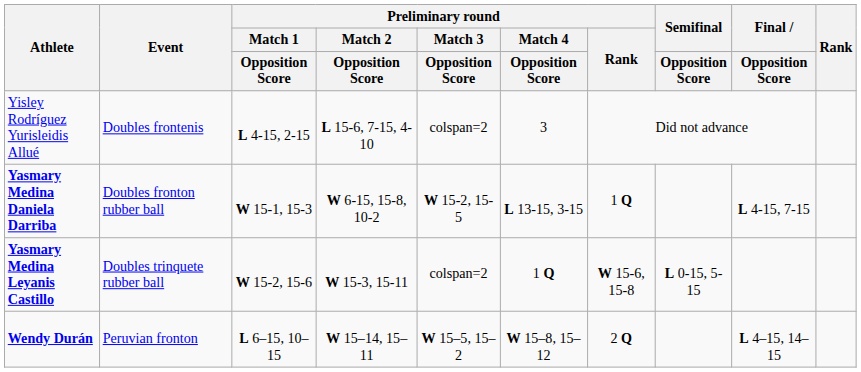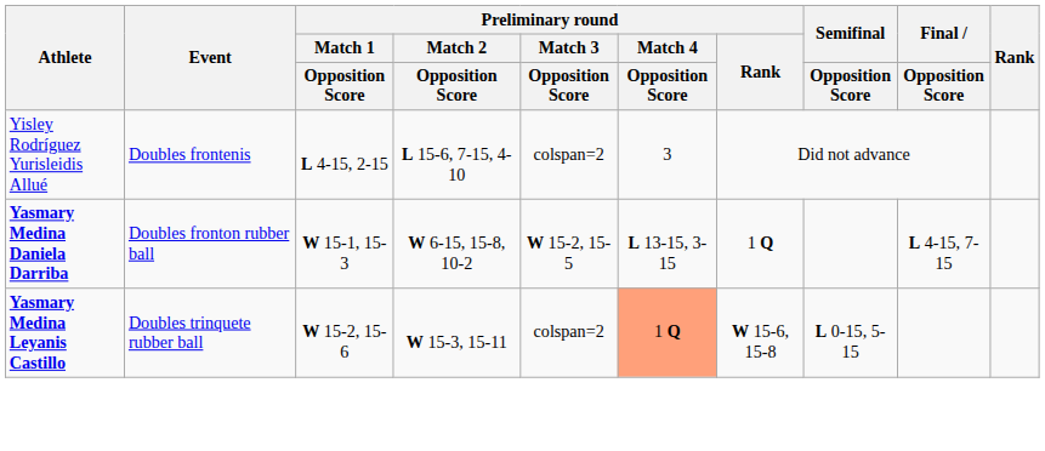 <table class="wikitable" border="1" style="font-size:90%">
 <tr>
 <th rowspan=3>Athlete</th>
 <th rowspan=3>Event</th>
 <th colspan=5>Preliminary round</th>
 <th rowspan=2>Semifinal</th>
 <th rowspan=2>Final / </th>
 <th rowspan=3>Rank</th>
 </tr>
 <tr>
 <th>Match 1</th>
 <th>Match 2</th>
 <th>Match 3</th>
 <th>Match 4</th>
 <th rowspan=2>Rank</th>
 </tr>
 <tr>
 <th>Opposition<br>Score</th>
 <th>Opposition<br>Score</th>
 <th>Opposition<br>Score</th>
 <th>Opposition<br>Score</th>
 <th>Opposition<br>Score</th>
 <th>Opposition<br>Score</th>
 </tr>
 <tr align=center>
 <td align=left><a href='#'>Yisley Rodríguez</a><br><a href='#'>Yurisleidis Allué</a></td>
 <td align=left><a href='#'>Doubles frontenis</a></td>
 <td><br><strong>L</strong> 4-15, 2-15</td>
 <td><br><strong>L</strong> 15-6, 7-15, 4-10</td>
 <td>colspan=2 </td>
 <td>3</td>
 <td colspan=3>Did not advance</td>
 </tr>
 <tr align=center>
 <td align=left><strong><a href='#'>Yasmary Medina</a><br><a href='#'>Daniela Darriba</a></strong></td>
 <td align=left><a href='#'>Doubles fronton rubber ball</a></td>
 <td><br><strong>W</strong> 15-1, 15-3</td>
 <td><br><strong>W</strong> 6-15, 15-8, 10-2</td>
 <td><br><strong>W</strong> 15-2, 15-5</td>
 <td><br><strong>L</strong> 13-15, 3-15</td>
 <td>1 <strong>Q</strong></td>
 <td></td>
 <td><br><strong>L</strong> 4-15, 7-15</td>
 <td></td>
 </tr>
 <tr align=center>
 <td align=left><strong><a href='#'>Yasmary Medina</a><br><a href='#'>Leyanis Castillo</a></strong></td>
 <td align=left><a href='#'>Doubles trinquete rubber ball</a></td>
 <td><br><strong>W</strong> 15-2, 15-6</td>
 <td><br><strong>W</strong> 15-3, 15-11</td>
 <td>colspan=2 </td>
-<td>1 <strong>Q</strong></td>
+<td style="background: lightsalmon;">1 <strong>Q</strong></td>
 <td><br><strong>W</strong> 15-6, 15-8</td>
 <td><br><strong>L</strong> 0-15, 5-15</td>
 <td></td>
 </tr>
-<tr style="text-align:center">
-<td style="text-align:left"><strong><a href='#'>Wendy Durán</a></strong></td>
-<td style="text-align:left"><a href='#'>Peruvian fronton</a></td>
-<td><br><strong>L</strong> 6–15, 10–15</td>
-<td><br><strong>W</strong> 15–14, 15–11</td>
-<td><br><strong>W</strong> 15–5, 15–2</td>
-<td><br><strong>W</strong> 15–8, 15–12</td>
-<td>2 <strong>Q</strong></td>
-<td></td>
-<td><br><strong>L</strong> 4–15, 14–15</td>
-<td></td>
-</tr>
 </table>
